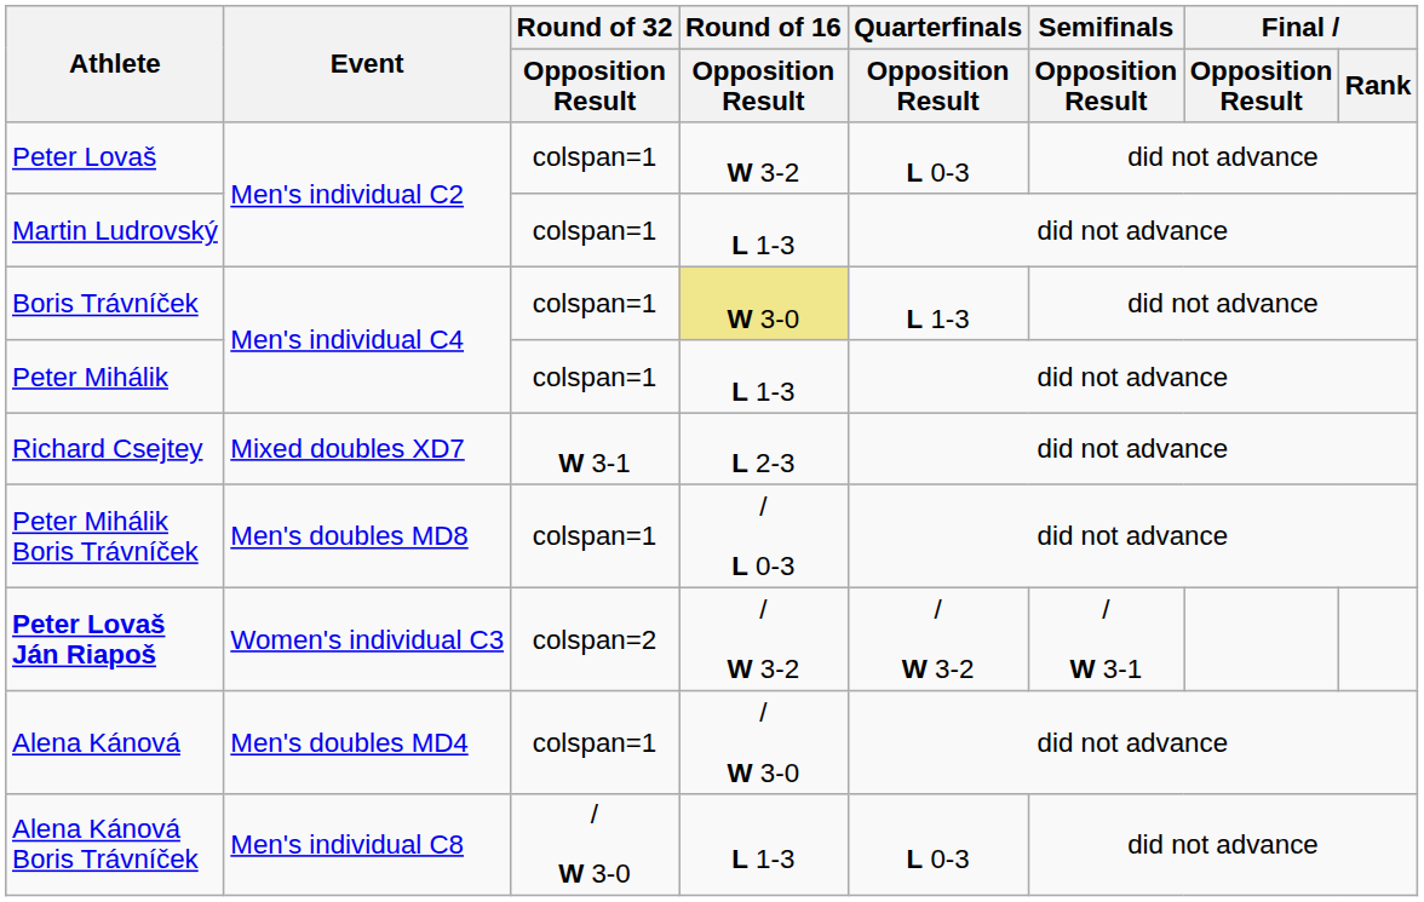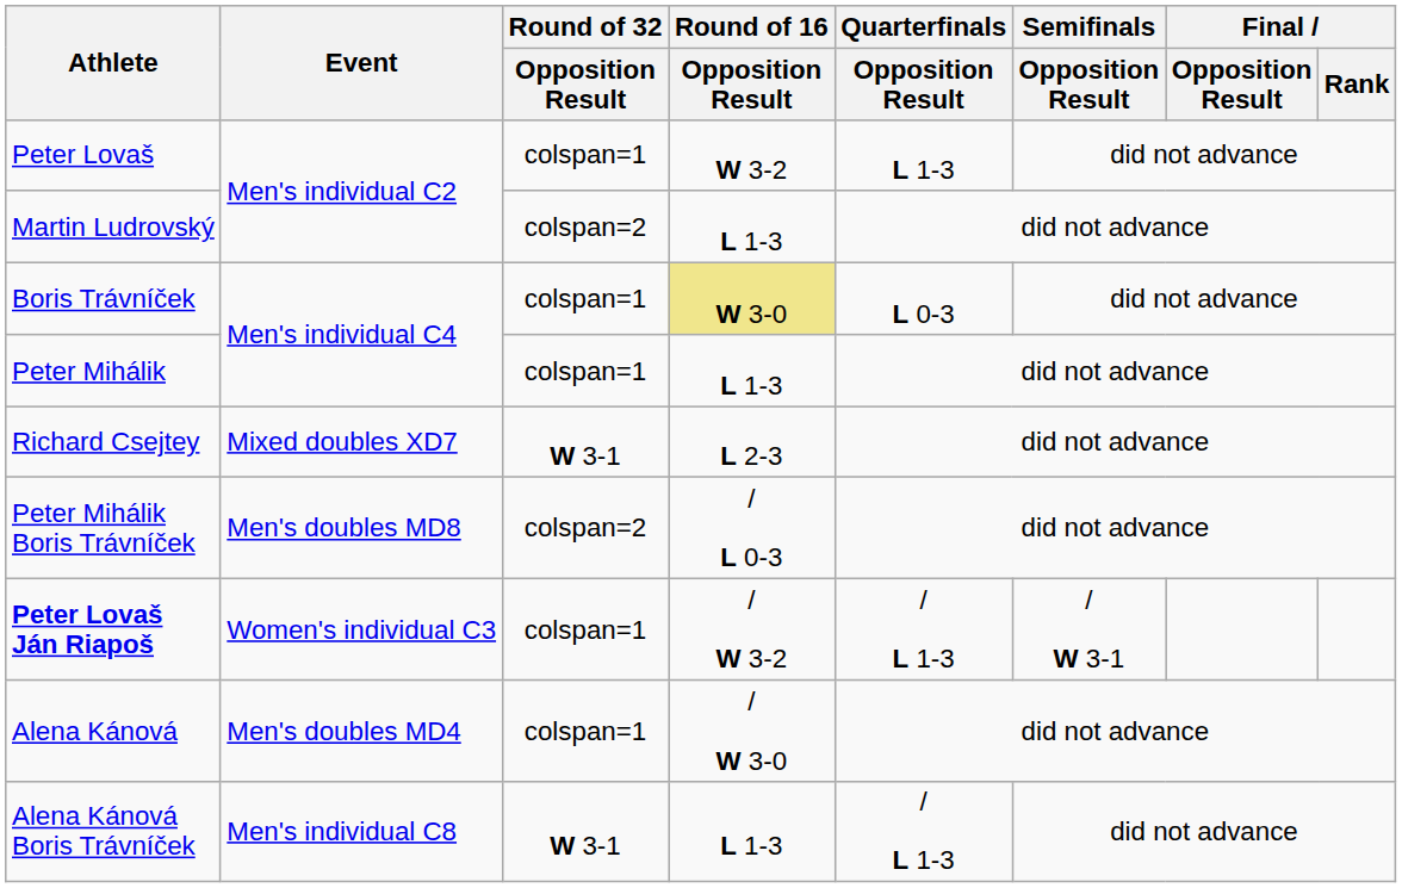 <table class=wikitable style="font-size:90%">
 <tr align=center>
 <th rowspan="2">Athlete</th>
 <th rowspan="2">Event</th>
 <th>Round of 32</th>
 <th>Round of 16</th>
 <th>Quarterfinals</th>
 <th>Semifinals</th>
 <th colspan="2">Final / </th>
 </tr>
 <tr>
 <th>Opposition<br>Result</th>
 <th>Opposition<br>Result</th>
 <th>Opposition<br>Result</th>
 <th>Opposition<br>Result</th>
 <th>Opposition<br>Result</th>
 <th>Rank</th>
 </tr>
 <tr align=center>
 <td align=left><a href='#'>Peter Lovaš</a></td>
 <td align=left rowspan=2><a href='#'>Men's individual C2</a></td>
 <td>colspan=1 </td>
 <td><br> <strong>W</strong> 3-2</td>
-<td><br> <strong>L</strong> 0-3</td>
+<td><br> <strong>L</strong> 1-3</td>
 <td colspan=3>did not advance</td>
 </tr>
 <tr align=center>
 <td align=left><a href='#'>Martin Ludrovský</a></td>
-<td>colspan=1 </td>
+<td>colspan=2 </td>
 <td><br><strong>L</strong> 1-3</td>
 <td colspan=4>did not advance</td>
 </tr>
 <tr align=center>
 <td align=left><a href='#'>Boris Trávníček</a></td>
 <td align=left rowspan=2><a href='#'>Men's individual C4</a></td>
 <td>colspan=1 </td>
 <td style="background: khaki;"><br> <strong>W</strong> 3-0</td>
-<td><br> <strong>L</strong> 1-3</td>
+<td><br> <strong>L</strong> 0-3</td>
 <td colspan=4>did not advance</td>
 </tr>
 <tr align=center>
 <td align=left><a href='#'>Peter Mihálik</a></td>
 <td>colspan=1 </td>
 <td><br><strong>L</strong> 1-3</td>
 <td colspan=4>did not advance</td>
 </tr>
 <tr align=center>
 <td align=left><a href='#'>Richard Csejtey</a></td>
 <td align=left><a href='#'>Mixed doubles XD7</a></td>
 <td><br><strong>W</strong> 3-1</td>
 <td><br><strong>L</strong> 2-3</td>
 <td colspan=4>did not advance</td>
 </tr>
 <tr align=center>
 <td align=left><a href='#'>Peter Mihálik</a><br><a href='#'>Boris Trávníček</a></td>
 <td align=left><a href='#'>Men's doubles MD8</a></td>
-<td>colspan=1 </td>
+<td>colspan=2 </td>
 <td>/<br><br> <strong>L</strong> 0-3</td>
 <td colspan=4>did not advance</td>
 </tr>
 <tr align=center>
 <td align=left><strong><a href='#'>Peter Lovaš</a><br><a href='#'>Ján Riapoš</a></strong></td>
 <td align=left><a href='#'>Women's individual C3</a></td>
-<td>colspan=2 </td>
+<td>colspan=1 </td>
 <td>/<br><br> <strong>W</strong> 3-2</td>
-<td>/<br><br> <strong>W</strong> 3-2</td>
+<td>/<br><br> <strong>L</strong> 1-3</td>
 <td>/<br><br><strong>W</strong> 3-1</td>
 <td></td>
 </tr>
 <tr align=center>
 <td align=left><a href='#'>Alena Kánová</a></td>
 <td align=left><a href='#'>Men's doubles MD4</a></td>
 <td>colspan=1 </td>
 <td>/<br><br> <strong>W</strong> 3-0</td>
 <td colspan=4>did not advance</td>
 </tr>
 <tr align=center>
 <td align=left><a href='#'>Alena Kánová</a><br><a href='#'>Boris Trávníček</a></td>
 <td align=left><a href='#'>Men's individual C8</a></td>
-<td>/<br><br> <strong>W</strong> 3-0</td>
+<td><br><strong>W</strong> 3-1</td>
 <td><br> <strong>L</strong> 1-3</td>
-<td><br> <strong>L</strong> 0-3</td>
+<td>/<br><br> <strong>L</strong> 1-3</td>
 <td colspan=3>did not advance</td>
 </tr>
 </table>
